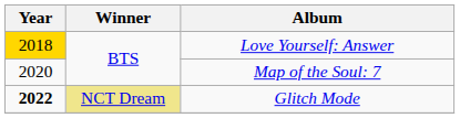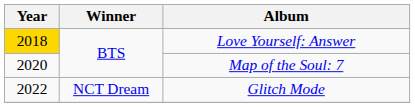 <table class="wikitable" style="text-align: center">
 <tr>
 <th width="50">Year</th>
 <th width="100">Winner</th>
 <th width="250">Album</th>
 </tr>
 <tr>
 <td style="background: gold;">2018</td>
 <td rowspan="2"><a href='#'>BTS</a></td>
 <td><em><a href='#'>Love Yourself: Answer</a></em></td>
 </tr>
 <tr>
 <td>2020</td>
 <td><em><a href='#'>Map of the Soul: 7</a></em></td>
 </tr>
 <tr>
-<td><strong>2022</strong></td>
-<td style="background: khaki;"><a href='#'>NCT Dream</a></td>
+<td>2022</td>
+<td><a href='#'>NCT Dream</a></td>
 <td><em><a href='#'>Glitch Mode</a></em></td>
 </tr>
 <tr>
 </tr>
 </table>
